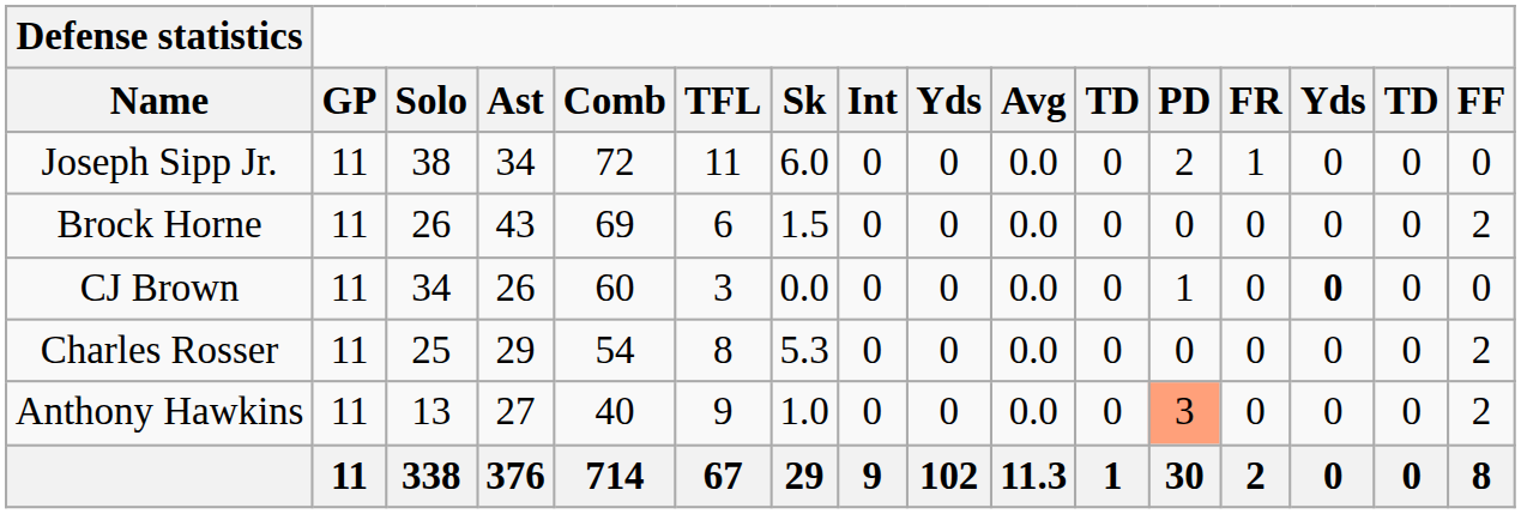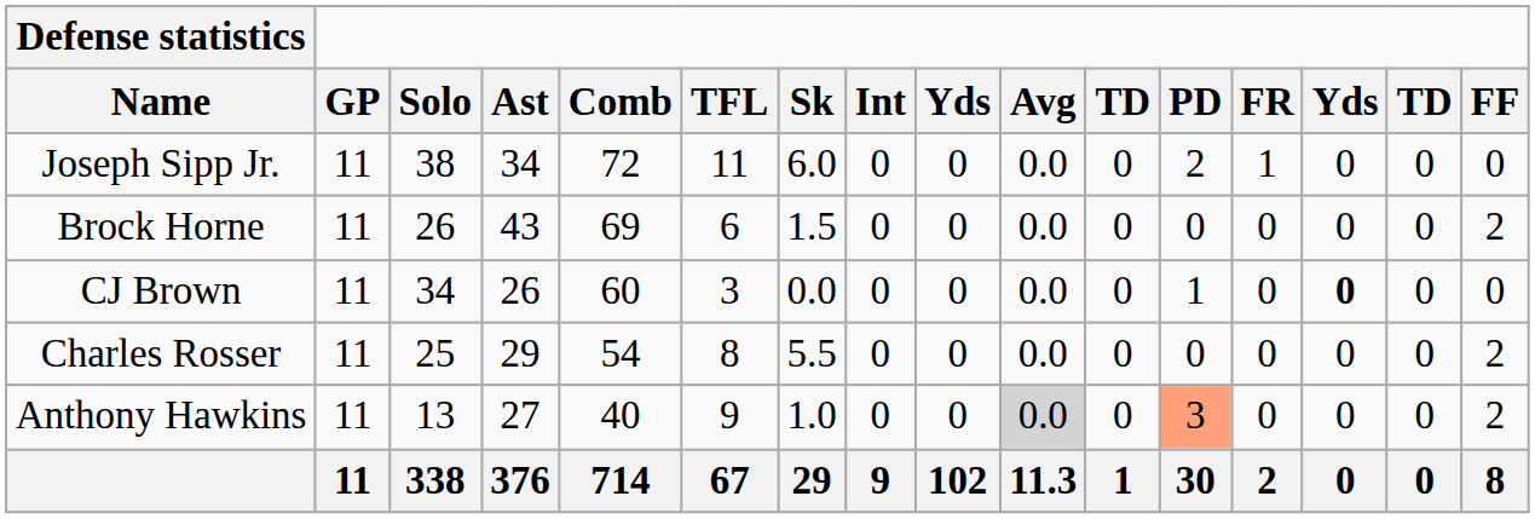 <table class="wikitable sortable" style="text-align:center;">
 <tr>
 <th style="text-align:center; ">Defense statistics</th>
 </tr>
 <tr>
 <th>Name</th>
 <th>GP</th>
 <th>Solo</th>
 <th>Ast</th>
 <th>Comb</th>
 <th>TFL</th>
 <th>Sk</th>
 <th>Int</th>
 <th>Yds</th>
 <th>Avg</th>
 <th>TD</th>
 <th>PD</th>
 <th>FR</th>
 <th>Yds</th>
 <th>TD</th>
 <th>FF</th>
 </tr>
 <tr>
 <td>Joseph Sipp Jr.</td>
 <td>11</td>
 <td>38</td>
 <td>34</td>
 <td>72</td>
 <td>11</td>
 <td>6.0</td>
 <td>0</td>
 <td>0</td>
 <td>0.0</td>
 <td>0</td>
 <td>2</td>
 <td>1</td>
 <td>0</td>
 <td>0</td>
 <td>0</td>
 </tr>
 <tr>
 <td>Brock Horne</td>
 <td>11</td>
 <td>26</td>
 <td>43</td>
 <td>69</td>
 <td>6</td>
 <td>1.5</td>
 <td>0</td>
 <td>0</td>
 <td>0.0</td>
 <td>0</td>
 <td>0</td>
 <td>0</td>
 <td>0</td>
 <td>0</td>
 <td>2</td>
 </tr>
 <tr>
 <td>CJ Brown</td>
 <td>11</td>
 <td>34</td>
 <td>26</td>
 <td>60</td>
 <td>3</td>
 <td>0.0</td>
 <td>0</td>
 <td>0</td>
 <td>0.0</td>
 <td>0</td>
 <td>1</td>
 <td>0</td>
 <td><strong>0</strong></td>
 <td>0</td>
 <td>0</td>
 </tr>
 <tr>
 <td>Charles Rosser</td>
 <td>11</td>
 <td>25</td>
 <td>29</td>
 <td>54</td>
 <td>8</td>
-<td>5.3</td>
+<td>5.5</td>
 <td>0</td>
 <td>0</td>
 <td>0.0</td>
 <td>0</td>
 <td>0</td>
 <td>0</td>
 <td>0</td>
 <td>0</td>
 <td>2</td>
 </tr>
 <tr>
 <td>Anthony Hawkins</td>
 <td>11</td>
 <td>13</td>
 <td>27</td>
 <td>40</td>
 <td>9</td>
 <td>1.0</td>
 <td>0</td>
 <td>0</td>
-<td>0.0</td>
+<td style="background: lightgrey;">0.0</td>
 <td>0</td>
 <td style="background: lightsalmon;">3</td>
 <td>0</td>
 <td>0</td>
 <td>0</td>
 <td>2</td>
 </tr>
 <tr>
 <th colspan="1"></th>
 <th>11</th>
 <th>338</th>
 <th>376</th>
 <th>714</th>
 <th>67</th>
 <th>29</th>
 <th>9</th>
 <th>102</th>
 <th>11.3</th>
 <th>1</th>
 <th>30</th>
 <th>2</th>
 <th>0</th>
 <th>0</th>
 <th>8</th>
 </tr>
 </table>
